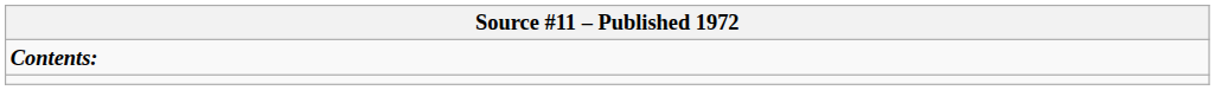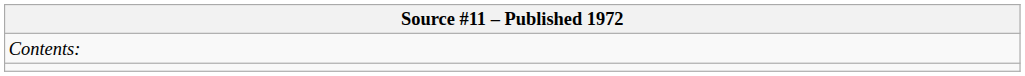 <table class="wikitable" style="width:100%;">
 <tr>
 <th><strong>Source #11</strong> – Published 1972</th>
 </tr>
 <tr>
-<td><strong><em>Contents:</em></strong></td>
+<td><em>Contents:</em></td>
 </tr>
 <tr>
 <td></td>
 </tr>
 </table>
